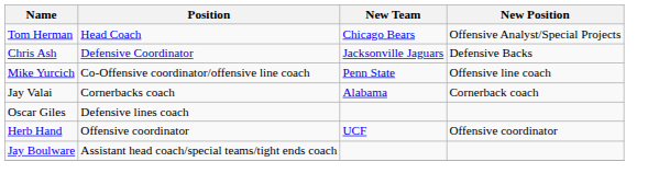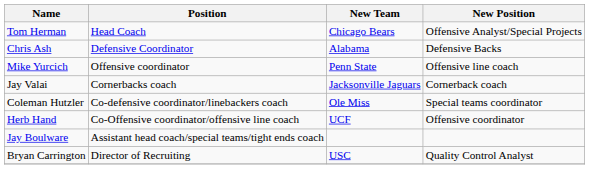 <table class="wikitable">
 <tr>
 <th style="text-align:center; ">Name</th>
 <th style="text-align:center; ">Position</th>
 <th style="text-align:center; ">New Team</th>
 <th style="text-align:center; ">New Position</th>
 </tr>
 <tr>
 <td><a href='#'>Tom Herman</a></td>
 <td><a href='#'>Head Coach</a></td>
 <td><a href='#'>Chicago Bears</a></td>
 <td>Offensive Analyst/Special Projects</td>
 </tr>
 <tr>
 <td><a href='#'>Chris Ash</a></td>
 <td><a href='#'>Defensive Coordinator</a></td>
-<td><a href='#'>Jacksonville Jaguars</a></td>
+<td><a href='#'>Alabama</a></td>
 <td>Defensive Backs</td>
 </tr>
 <tr>
 <td><a href='#'>Mike Yurcich</a></td>
-<td>Co-Offensive coordinator/offensive line coach</td>
+<td>Offensive coordinator</td>
 <td><a href='#'>Penn State</a></td>
 <td>Offensive line coach</td>
 </tr>
 <tr>
 <td>Jay Valai</td>
 <td>Cornerbacks coach</td>
-<td><a href='#'>Alabama</a></td>
+<td><a href='#'>Jacksonville Jaguars</a></td>
 <td>Cornerback coach</td>
 </tr>
 <tr>
-<td>Oscar Giles</td>
-<td>Defensive lines coach</td>
-<td></td>
-<td></td>
+<td>Coleman Hutzler</td>
+<td>Co-defensive coordinator/linebackers coach</td>
+<td><a href='#'>Ole Miss</a></td>
+<td>Special teams coordinator</td>
 </tr>
 <tr>
 <td><a href='#'>Herb Hand</a></td>
-<td>Offensive coordinator</td>
+<td>Co-Offensive coordinator/offensive line coach</td>
 <td><a href='#'>UCF</a></td>
 <td>Offensive coordinator</td>
 </tr>
 <tr>
 <td><a href='#'>Jay Boulware</a></td>
 <td>Assistant head coach/special teams/tight ends coach</td>
 <td></td>
 <td></td>
 </tr>
 <tr>
+<td>Bryan Carrington</td>
+<td>Director of Recruiting</td>
+<td><a href='#'>USC</a></td>
+<td>Quality Control Analyst</td>
+</tr>
+<tr>
 </tr>
 </table>
